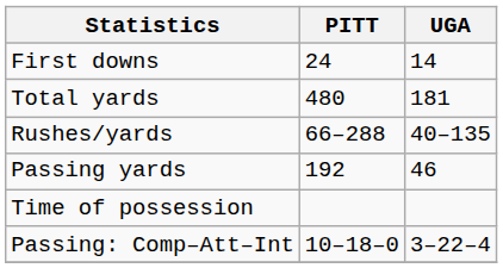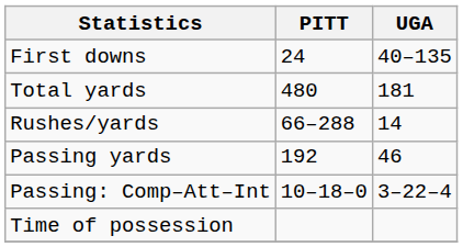 <table class="wikitable" style="float: left;">
 <tr>
 <th>Statistics</th>
 <th>PITT</th>
 <th>UGA</th>
 </tr>
 <tr>
 <td>First downs</td>
 <td>24</td>
-<td>14</td>
+<td>40–135</td>
 </tr>
 <tr>
 <td>Total yards</td>
 <td>480</td>
 <td>181</td>
 </tr>
 <tr>
 <td>Rushes/yards</td>
 <td>66–288</td>
-<td>40–135</td>
+<td>14</td>
 </tr>
 <tr>
 <td>Passing yards</td>
 <td>192</td>
 <td>46</td>
 </tr>
 <tr>
+<td>Passing: Comp–Att–Int</td>
+<td>10–18–0</td>
+<td>3–22–4</td>
+</tr>
+<tr>
 <td>Time of possession</td>
 <td></td>
 <td></td>
 </tr>
 <tr>
-<td>Passing: Comp–Att–Int</td>
-<td>10–18–0</td>
-<td>3–22–4</td>
-</tr>
-<tr>
 </tr>
 </table>
